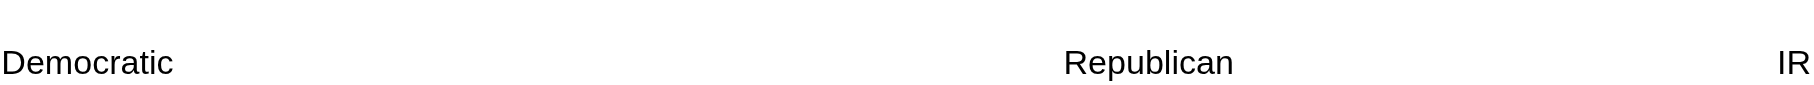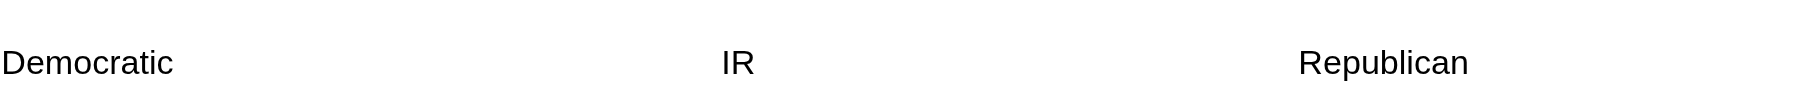 <table style="width:70%; text-align:center">
 <tr style="color:white">
 <td style="background:"><strong>176</strong></td>
+<td style="background:"><strong>3</strong></td>
 <td style="background:"><strong>207</strong></td>
-<td style="background:"><strong>3</strong></td>
 </tr>
 <tr>
 <td>Democratic</td>
+<td>IR</td>
 <td>Republican</td>
-<td>IR</td>
 </tr>
 </table>
